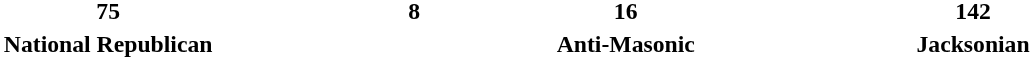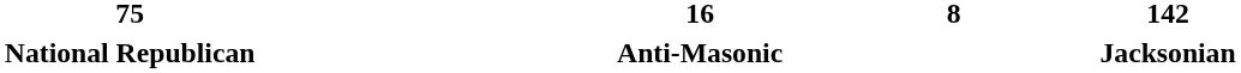 <table style="width:70%; text-align:center">
 <tr>
 <td style="background:"><strong>75</strong></td>
+<td style="background:"><strong>16</strong></td>
 <td style="background:"><strong>8</strong></td>
-<td style="background:"><strong>16</strong></td>
 <td style="background:"><strong>142</strong></td>
 </tr>
 <tr>
 <td><strong>National Republican</strong></td>
+<td><strong>Anti-Masonic</strong></td>
 <td><strong></strong></td>
-<td><strong>Anti-Masonic</strong></td>
 <td><strong>Jacksonian</strong></td>
 </tr>
 </table>
